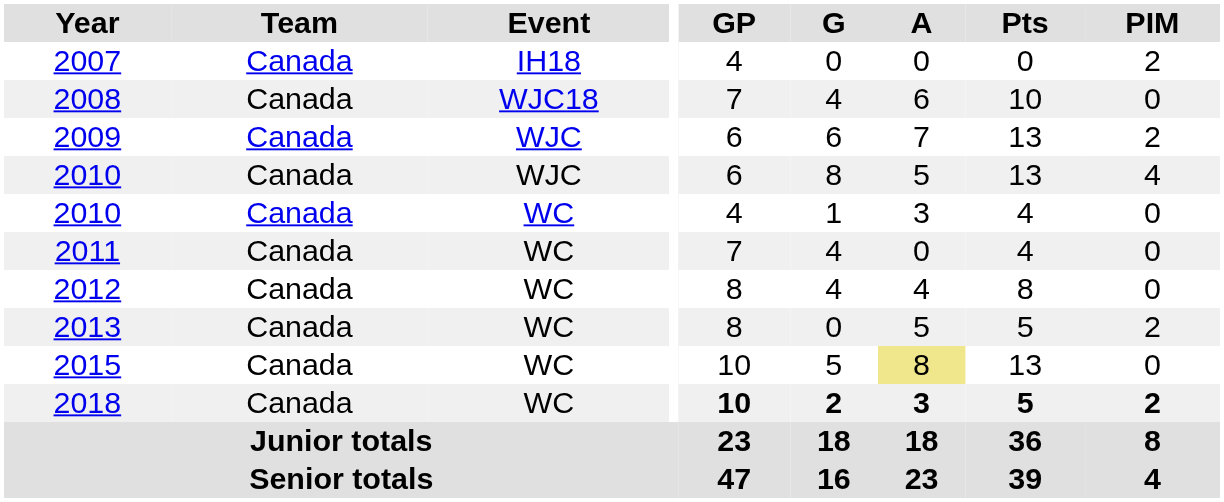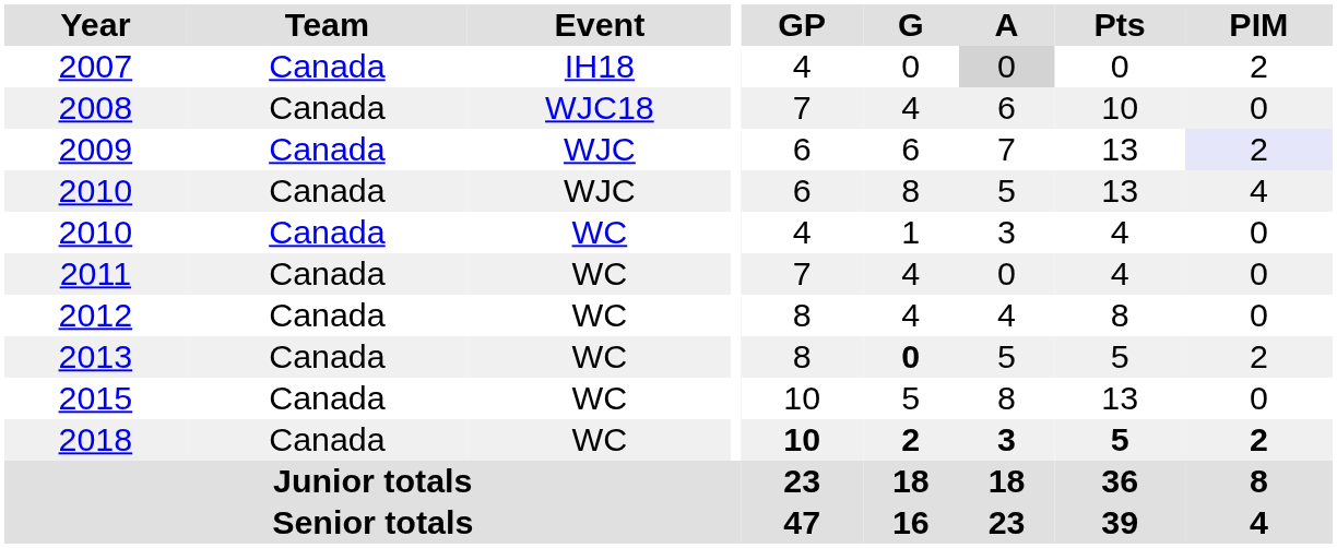 <table border="0" cellpadding="1" cellspacing="0" ID="Table3" style="text-align:center; width:40em">
 <tr bgcolor="#e0e0e0">
 <th>Year</th>
 <th>Team</th>
 <th>Event</th>
 <th rowspan="102" bgcolor="#ffffff"></th>
 <th>GP</th>
 <th>G</th>
 <th>A</th>
 <th>Pts</th>
 <th>PIM</th>
 </tr>
 <tr>
 <td><a href='#'>2007</a></td>
 <td><a href='#'>Canada</a></td>
 <td><a href='#'>IH18</a></td>
 <td>4</td>
 <td>0</td>
-<td>0</td>
+<td style="background: lightgrey;">0</td>
 <td>0</td>
 <td>2</td>
 </tr>
 <tr bgcolor="#f0f0f0">
 <td><a href='#'>2008</a></td>
 <td>Canada</td>
 <td><a href='#'>WJC18</a></td>
 <td>7</td>
 <td>4</td>
 <td>6</td>
 <td>10</td>
 <td>0</td>
 </tr>
 <tr>
 <td><a href='#'>2009</a></td>
 <td><a href='#'>Canada</a></td>
 <td><a href='#'>WJC</a></td>
 <td>6</td>
 <td>6</td>
 <td>7</td>
 <td>13</td>
-<td>2</td>
+<td style="background: lavender;">2</td>
 </tr>
 <tr bgcolor="#f0f0f0">
 <td><a href='#'>2010</a></td>
 <td>Canada</td>
 <td>WJC</td>
 <td>6</td>
 <td>8</td>
 <td>5</td>
 <td>13</td>
 <td>4</td>
 </tr>
 <tr>
 <td><a href='#'>2010</a></td>
 <td><a href='#'>Canada</a></td>
 <td><a href='#'>WC</a></td>
 <td>4</td>
 <td>1</td>
 <td>3</td>
 <td>4</td>
 <td>0</td>
 </tr>
 <tr bgcolor="#f0f0f0">
 <td><a href='#'>2011</a></td>
 <td>Canada</td>
 <td>WC</td>
 <td>7</td>
 <td>4</td>
 <td>0</td>
 <td>4</td>
 <td>0</td>
 </tr>
 <tr>
 <td><a href='#'>2012</a></td>
 <td>Canada</td>
 <td>WC</td>
 <td>8</td>
 <td>4</td>
 <td>4</td>
 <td>8</td>
 <td>0</td>
 </tr>
 <tr bgcolor="#f0f0f0">
 <td><a href='#'>2013</a></td>
 <td>Canada</td>
 <td>WC</td>
 <td>8</td>
-<td>0</td>
+<td><strong>0</strong></td>
 <td>5</td>
 <td>5</td>
 <td>2</td>
 </tr>
 <tr>
 <td><a href='#'>2015</a></td>
 <td>Canada</td>
 <td>WC</td>
 <td>10</td>
 <td>5</td>
-<td style="background: khaki;">8</td>
+<td>8</td>
 <td>13</td>
 <td>0</td>
 </tr>
 <tr bgcolor="#f0f0f0">
 <td><a href='#'>2018</a></td>
 <td>Canada</td>
 <td>WC</td>
 <th>10</th>
 <th>2</th>
 <th>3</th>
 <th>5</th>
 <th>2</th>
 </tr>
 <tr bgcolor="#e0e0e0">
 <th colspan=4>Junior totals</th>
 <th>23</th>
 <th>18</th>
 <th>18</th>
 <th>36</th>
 <th>8</th>
 </tr>
 <tr bgcolor="#e0e0e0">
 <th colspan=4>Senior totals</th>
 <th>47</th>
 <th>16</th>
 <th>23</th>
 <th>39</th>
 <th>4</th>
 </tr>
 </table>
